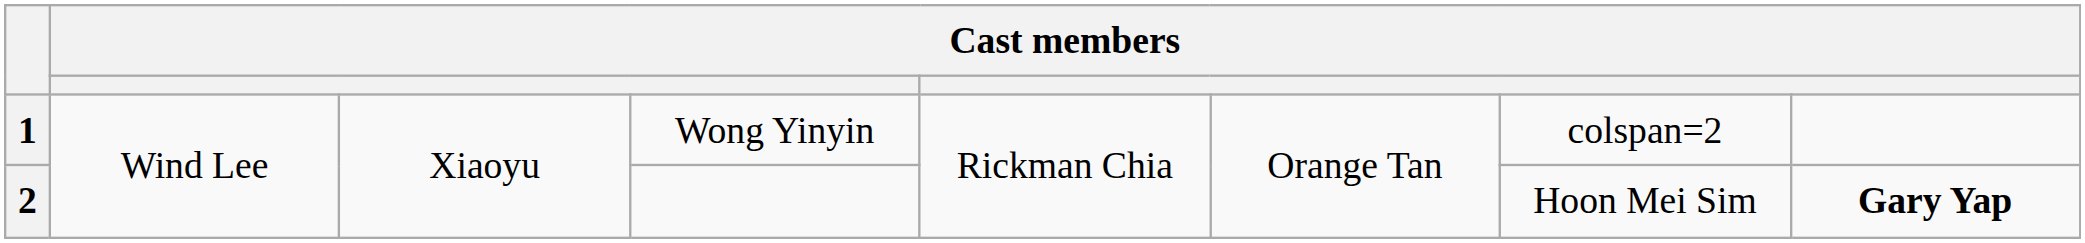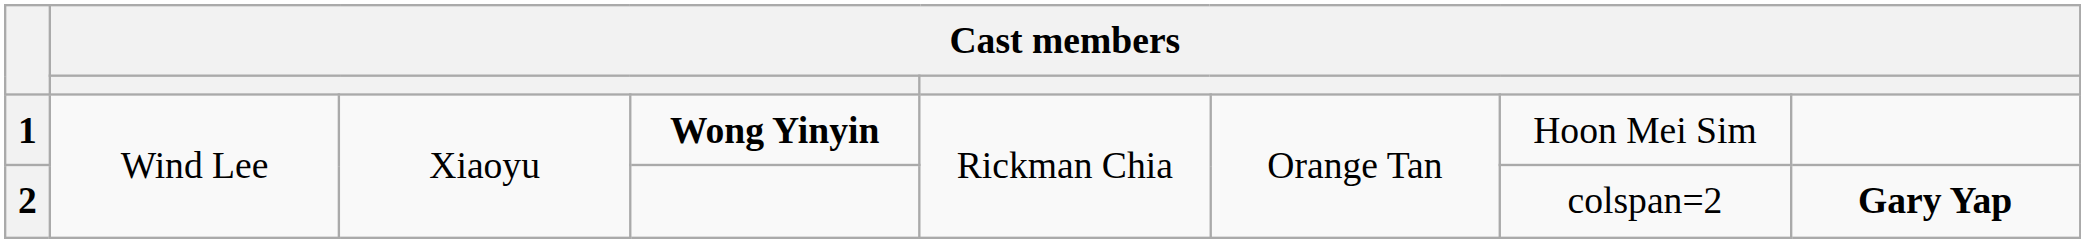 <table class="wikitable plainrowheaders" style="width:100%; text-align:center; line-height:23px;">
 <tr>
 <th rowspan=2 width=1%></th>
 <th colspan=7>Cast members </th>
 </tr>
 <tr>
 <th colspan=3></th>
 <th colspan=4></th>
 </tr>
 <tr>
 <th>1</th>
 <td rowspan=2 width=10%>Wind Lee</td>
 <td rowspan=2 width=10%>Xiaoyu</td>
-<td width=10%>Wong Yinyin</td>
+<td width=10%><strong>Wong Yinyin</strong></td>
 <td rowspan=2 width=10%>Rickman Chia</td>
 <td rowspan=2 width=10%>Orange Tan</td>
-<td>colspan=2 </td>
+<td width=10%>Hoon Mei Sim</td>
 </tr>
 <tr>
 <th>2</th>
 <td></td>
-<td width=10%>Hoon Mei Sim</td>
+<td>colspan=2 </td>
 <td width=10%><strong>Gary Yap</strong></td>
 </tr>
 </table>
